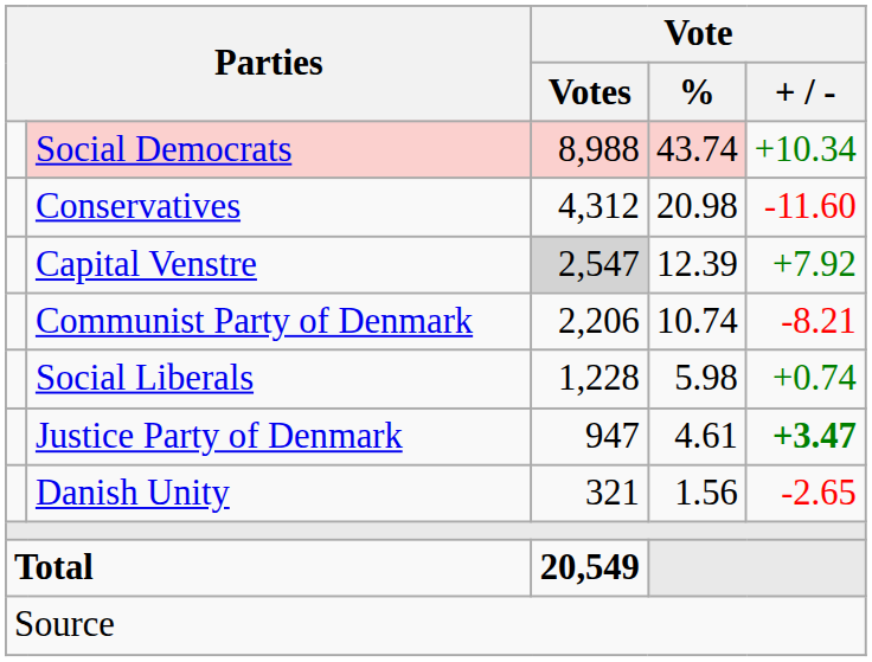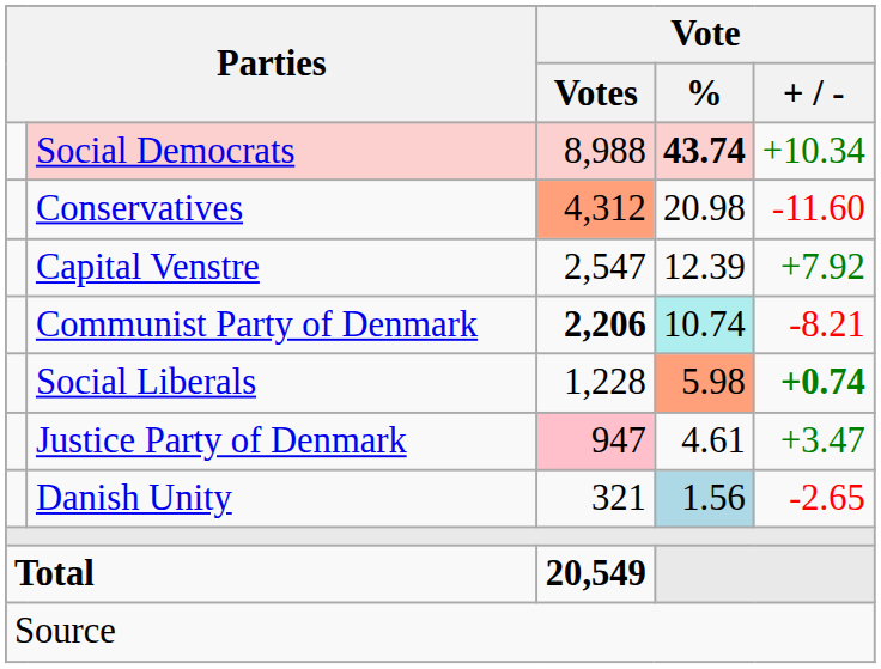 <table class="wikitable" style="text-align:right;">
 <tr>
 <th style="text-align:centre;" rowspan="2" colspan="2" width="225">Parties</th>
 <th colspan="3">Vote</th>
 </tr>
 <tr>
 <th width="15">Votes</th>
 <th width="15">%</th>
 <th width="15">+ / -</th>
 </tr>
 <tr>
 <td width="2" style="color:inherit;background:"></td>
 <td bgcolor=#fbd0ce  align="left"><a href='#'>Social Democrats</a></td>
 <td bgcolor=#fbd0ce>8,988</td>
-<td bgcolor=#fbd0ce>43.74</td>
+<td bgcolor=#fbd0ce><strong>43.74</strong></td>
 <td style=color:green;>+10.34</td>
 </tr>
 <tr>
 <td width="2" style="color:inherit;background:"></td>
 <td align="left"><a href='#'>Conservatives</a></td>
-<td>4,312</td>
+<td style="background: lightsalmon;">4,312</td>
 <td>20.98</td>
 <td style=color:red;>-11.60</td>
 </tr>
 <tr>
 <td width="2" style="color:inherit;background:"></td>
 <td align="left"><a href='#'>Capital Venstre</a></td>
-<td style="background: lightgrey;">2,547</td>
+<td>2,547</td>
 <td>12.39</td>
 <td style=color:green;>+7.92</td>
 </tr>
 <tr>
 <td width="2" style="color:inherit;background:"></td>
 <td align="left"><a href='#'>Communist Party of Denmark</a></td>
-<td>2,206</td>
-<td>10.74</td>
+<td><strong>2,206</strong></td>
+<td style="background: paleturquoise;">10.74</td>
 <td style=color:red;>-8.21</td>
 </tr>
 <tr>
 <td width="2" style="color:inherit;background:"></td>
 <td align="left"><a href='#'>Social Liberals</a></td>
 <td>1,228</td>
-<td>5.98</td>
-<td style=color:green;>+0.74</td>
+<td style="background: lightsalmon;">5.98</td>
+<td style=color:green;><strong>+0.74</strong></td>
 </tr>
 <tr>
 <td width="2" style="color:inherit;background:"></td>
 <td align="left"><a href='#'>Justice Party of Denmark</a></td>
-<td>947</td>
+<td style="background: pink;">947</td>
 <td>4.61</td>
-<td style=color:green;><strong>+3.47</strong></td>
+<td style=color:green;>+3.47</td>
 </tr>
 <tr>
 <td width="2" style="color:inherit;background:"></td>
 <td align="left"><a href='#'>Danish Unity</a></td>
 <td>321</td>
-<td>1.56</td>
+<td style="background: lightblue;">1.56</td>
 <td style=color:red;>-2.65</td>
 </tr>
 <tr>
 <td colspan="7" bgcolor="#E9E9E9"></td>
 </tr>
 <tr>
 <td align="left" colspan="2"><strong>Total</strong></td>
 <td><strong>20,549</strong></td>
 <td bgcolor="#E9E9E9" colspan="2"></td>
 </tr>
 <tr>
 <td align="left" colspan="6">Source</td>
 </tr>
 </table>
